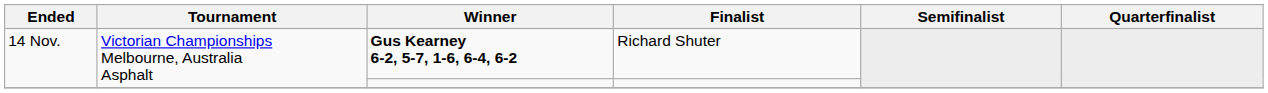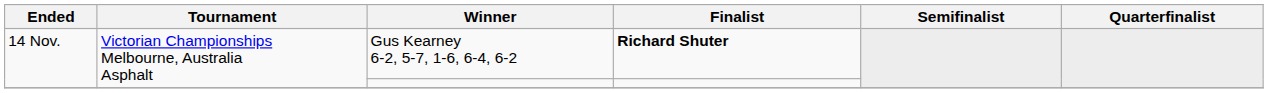 <table class="wikitable" style="font-size:85%;">
 <tr>
 <th width="75">Ended</th>
 <th width="230">Tournament</th>
 <th width="210">Winner</th>
 <th width="210">Finalist</th>
 <th width="170">Semifinalist</th>
 <th width="170">Quarterfinalist</th>
 </tr>
 <tr valign=top>
 <td rowspan=2>14 Nov.</td>
 <td rowspan=2><a href='#'>Victorian Championships</a><br>Melbourne, Australia<br>Asphalt</td>
-<td><strong> Gus Kearney <br>6-2, 5-7, 1-6, 6-4, 6-2</strong></td>
-<td> Richard Shuter</td>
+<td> Gus Kearney <br>6-2, 5-7, 1-6, 6-4, 6-2</td>
+<td><strong> Richard Shuter</strong></td>
 <td style="background:#ededed;" rowspan=2></td>
 <td style="background:#ededed;" rowspan=2></td>
 </tr>
 <tr valign=top>
 <td></td>
 <td></td>
 </tr>
 <tr valign=top>
 </tr>
 </table>
